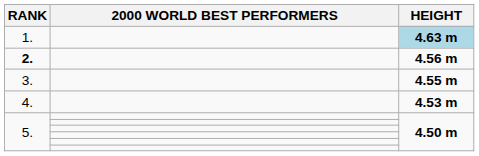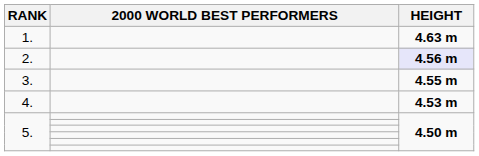 <table class="wikitable" style="border-collapse: collapse; font-size: 90%;">
 <tr>
 <th>RANK</th>
 <th align="center" style="width: 25em">2000 WORLD BEST PERFORMERS</th>
 <th align="center" style="width: 5em">HEIGHT</th>
 </tr>
 <tr>
 <td align="center">1.</td>
 <td></td>
-<td align="center" style="background: lightblue;"><strong>4.63 m</strong></td>
+<td align="center"><strong>4.63 m</strong></td>
 </tr>
 <tr>
-<td align="center"><strong>2.</strong></td>
+<td align="center">2.</td>
 <td></td>
-<td align="center"><strong>4.56 m</strong></td>
+<td align="center" style="background: lavender;"><strong>4.56 m</strong></td>
 </tr>
 <tr>
 <td align="center">3.</td>
 <td></td>
 <td align="center"><strong>4.55 m</strong></td>
 </tr>
 <tr>
 <td align="center">4.</td>
 <td></td>
 <td align="center"><strong>4.53 m</strong></td>
 </tr>
 <tr>
 <td rowspan=6 align="center">5.</td>
 <td></td>
 <td rowspan=6 align="center"><strong>4.50 m</strong></td>
 </tr>
 <tr>
 <td></td>
 </tr>
 <tr>
 <td></td>
 </tr>
 <tr>
 <td></td>
 </tr>
 <tr>
 <td></td>
 </tr>
 <tr>
 <td></td>
 </tr>
 </table>
